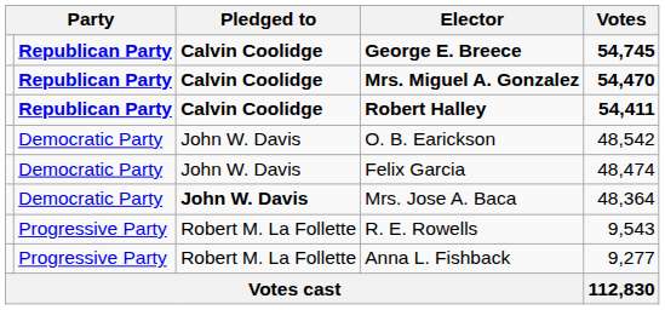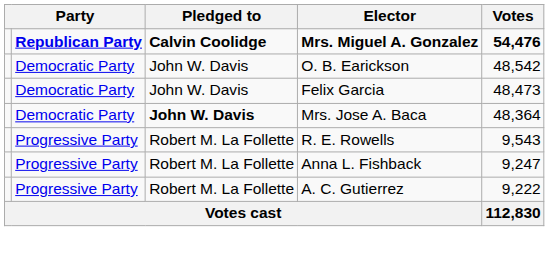 <table class="wikitable">
 <tr>
 <th colspan=2>Party</th>
 <th>Pledged to</th>
 <th>Elector</th>
 <th>Votes</th>
 </tr>
 <tr style="font-weight:bold">
 <td></td>
 <td><a href='#'>Republican Party</a></td>
 <td>Calvin Coolidge</td>
-<td>George E. Breece</td>
-<td align=right>54,745</td>
-</tr>
-<tr style="font-weight:bold">
-<td></td>
-<td><a href='#'>Republican Party</a></td>
-<td>Calvin Coolidge</td>
 <td>Mrs. Miguel A. Gonzalez</td>
-<td align=right>54,470</td>
-</tr>
-<tr style="font-weight:bold">
-<td></td>
-<td><a href='#'>Republican Party</a></td>
-<td>Calvin Coolidge</td>
-<td>Robert Halley</td>
-<td align=right>54,411</td>
+<td align=right>54,476</td>
 </tr>
 <tr>
 <td bgcolor=></td>
 <td><a href='#'>Democratic Party</a></td>
 <td>John W. Davis</td>
 <td>O. B. Earickson</td>
 <td align="right">48,542</td>
 </tr>
 <tr>
 <td bgcolor=></td>
 <td><a href='#'>Democratic Party</a></td>
 <td>John W. Davis</td>
 <td>Felix Garcia</td>
-<td align="right">48,474</td>
+<td align="right">48,473</td>
 </tr>
 <tr>
 <td bgcolor=></td>
 <td><a href='#'>Democratic Party</a></td>
 <td><strong>John W. Davis</strong></td>
 <td>Mrs. Jose A. Baca</td>
 <td align="right">48,364</td>
 </tr>
 <tr>
 <td bgcolor=></td>
 <td><a href='#'>Progressive Party</a></td>
 <td>Robert M. La Follette</td>
 <td>R. E. Rowells</td>
 <td align="right">9,543</td>
 </tr>
 <tr>
 <td bgcolor=></td>
 <td><a href='#'>Progressive Party</a></td>
 <td>Robert M. La Follette</td>
 <td>Anna L. Fishback</td>
-<td align="right">9,277</td>
+<td align="right">9,247</td>
+</tr>
+<tr>
+<td bgcolor=></td>
+<td><a href='#'>Progressive Party</a></td>
+<td>Robert M. La Follette</td>
+<td>A. C. Gutierrez</td>
+<td align="right">9,222</td>
 </tr>
 <tr>
 <th colspan="4">Votes cast</th>
 <th>112,830</th>
 </tr>
 </table>
